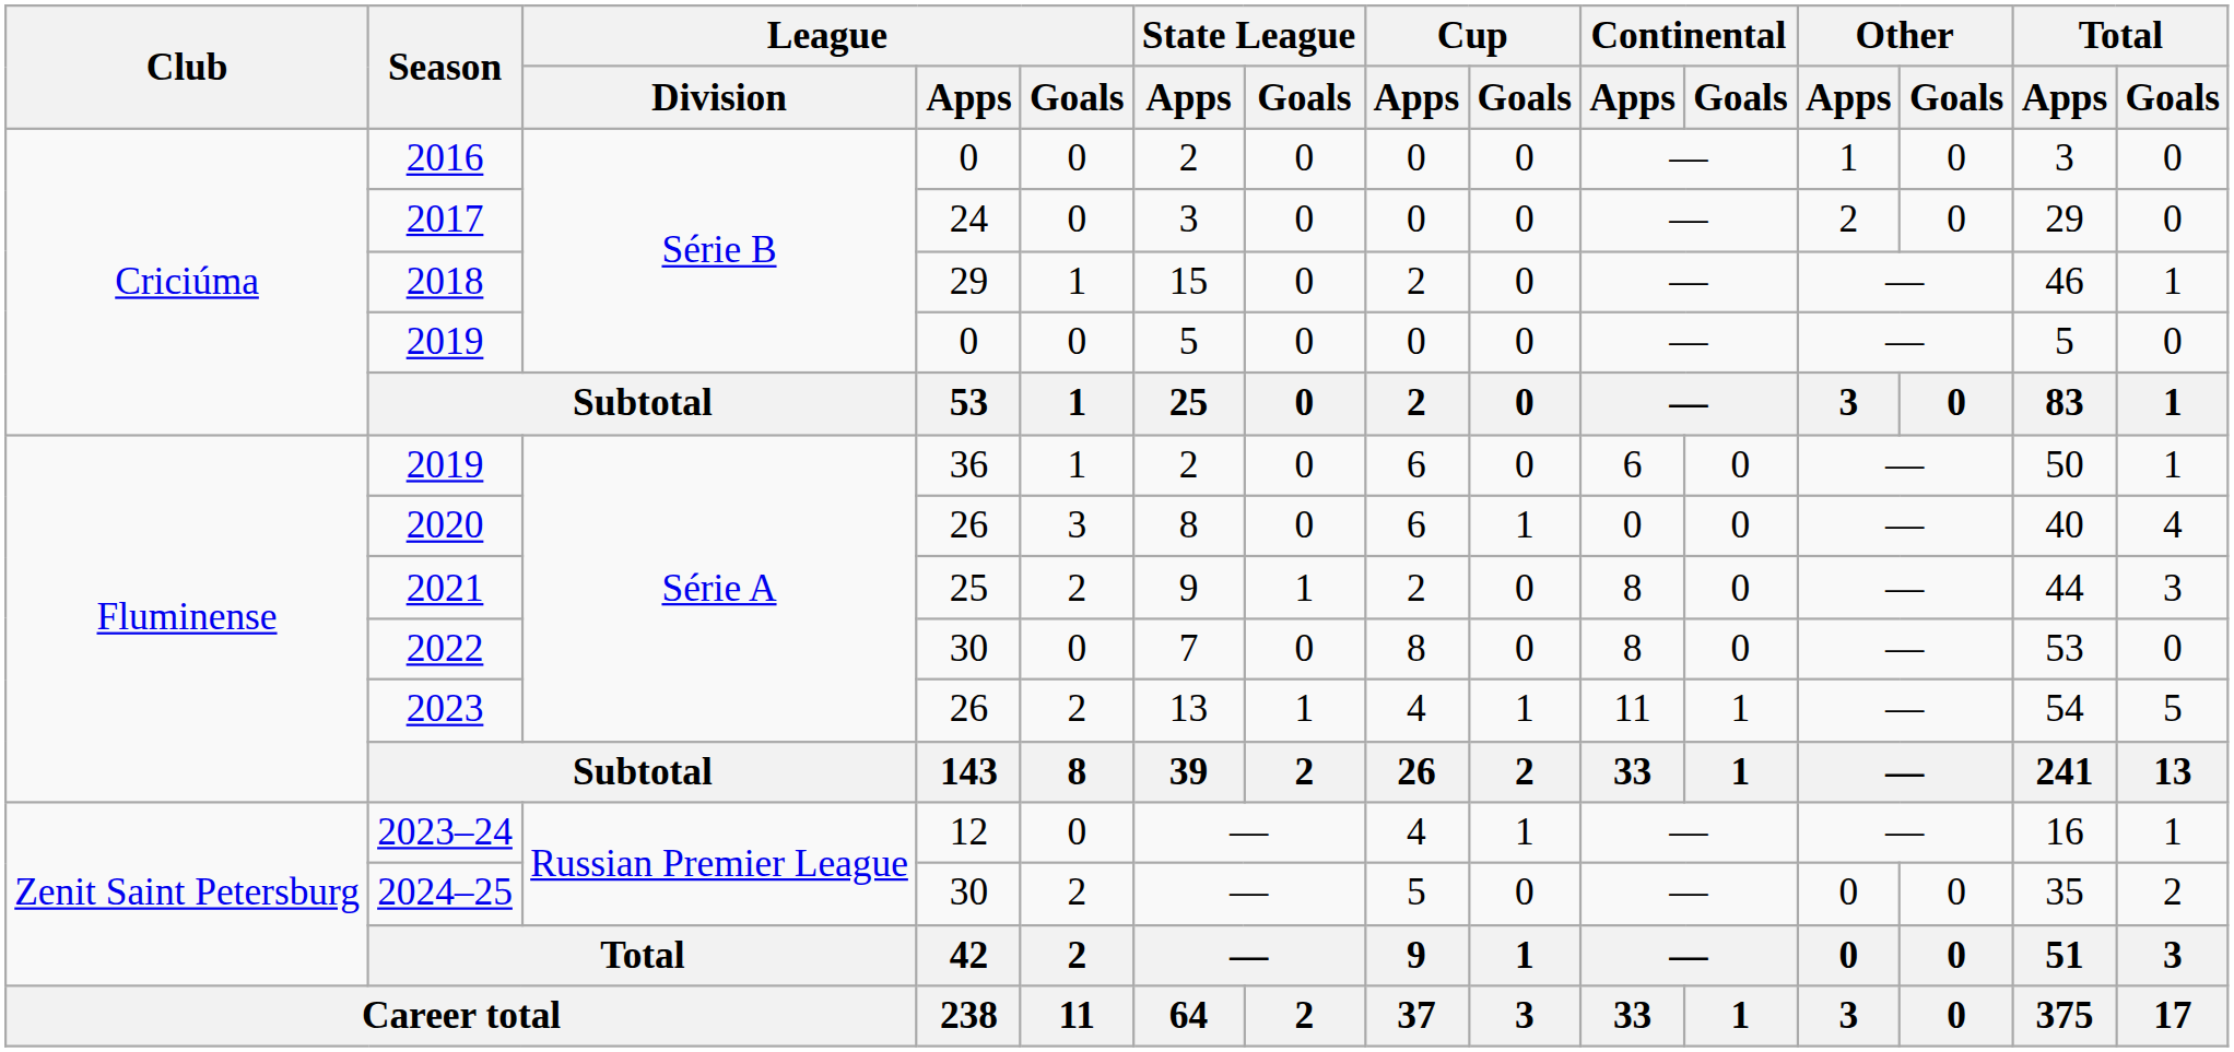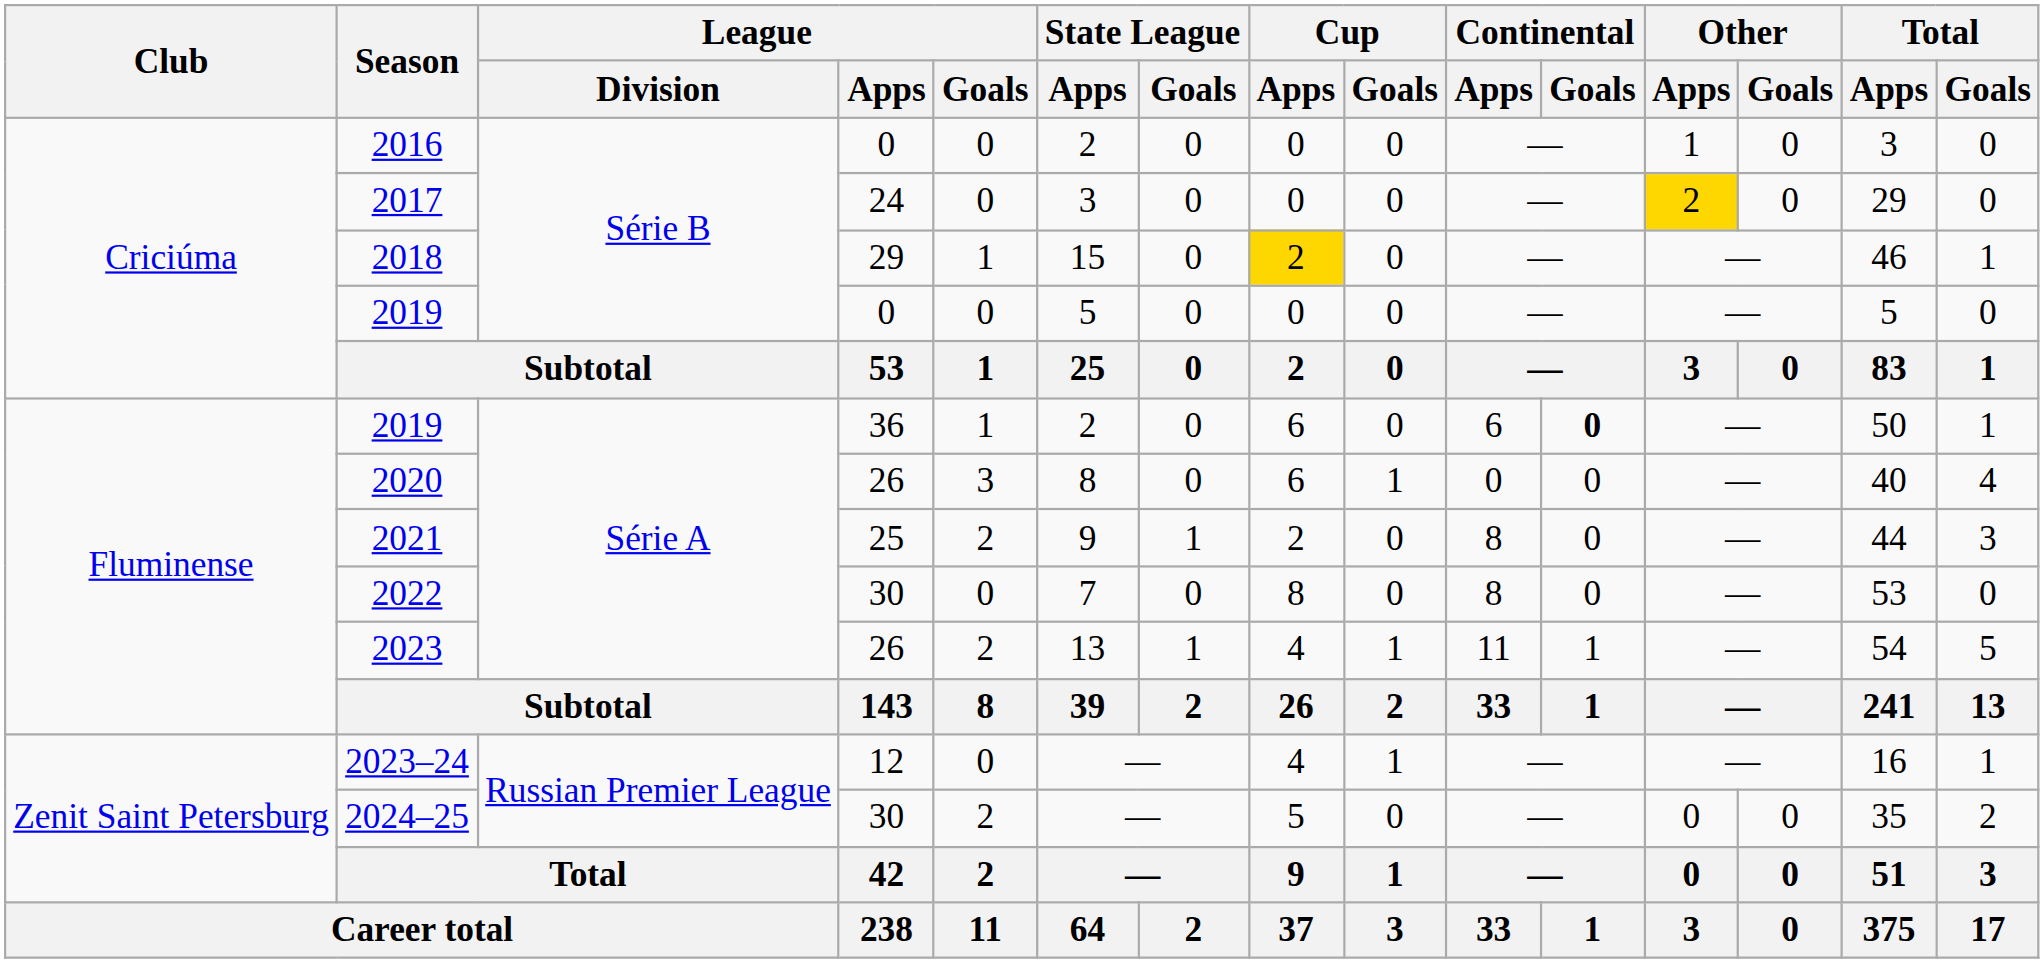 <table class="wikitable" style="text-align: center;">
 <tr>
 <th rowspan="2">Club</th>
 <th rowspan="2">Season</th>
 <th colspan="3">League</th>
 <th colspan="2">State League</th>
 <th colspan="2">Cup</th>
 <th colspan="2">Continental</th>
 <th colspan="2">Other</th>
 <th colspan="2">Total</th>
 </tr>
 <tr>
 <th>Division</th>
 <th>Apps</th>
 <th>Goals</th>
 <th>Apps</th>
 <th>Goals</th>
 <th>Apps</th>
 <th>Goals</th>
 <th>Apps</th>
 <th>Goals</th>
 <th>Apps</th>
 <th>Goals</th>
 <th>Apps</th>
 <th>Goals</th>
 </tr>
 <tr>
 <td rowspan="5" valign="center"><a href='#'>Criciúma</a></td>
 <td><a href='#'>2016</a></td>
 <td rowspan="4"><a href='#'>Série B</a></td>
 <td>0</td>
 <td>0</td>
 <td>2</td>
 <td>0</td>
 <td>0</td>
 <td>0</td>
 <td colspan="2">—</td>
 <td>1</td>
 <td>0</td>
 <td>3</td>
 <td>0</td>
 </tr>
 <tr>
 <td><a href='#'>2017</a></td>
 <td>24</td>
 <td>0</td>
 <td>3</td>
 <td>0</td>
 <td>0</td>
 <td>0</td>
 <td colspan="2">—</td>
-<td>2</td>
+<td style="background: gold;">2</td>
 <td>0</td>
 <td>29</td>
 <td>0</td>
 </tr>
 <tr>
 <td><a href='#'>2018</a></td>
 <td>29</td>
 <td>1</td>
 <td>15</td>
 <td>0</td>
-<td>2</td>
+<td style="background: gold;">2</td>
 <td>0</td>
 <td colspan="2">—</td>
 <td colspan="2">—</td>
 <td>46</td>
 <td>1</td>
 </tr>
 <tr>
 <td><a href='#'>2019</a></td>
 <td>0</td>
 <td>0</td>
 <td>5</td>
 <td>0</td>
 <td>0</td>
 <td>0</td>
 <td colspan="2">—</td>
 <td colspan="2">—</td>
 <td>5</td>
 <td>0</td>
 </tr>
 <tr>
 <th colspan="2">Subtotal</th>
 <th>53</th>
 <th>1</th>
 <th>25</th>
 <th>0</th>
 <th>2</th>
 <th>0</th>
 <th colspan="2">—</th>
 <th>3</th>
 <th>0</th>
 <th>83</th>
 <th>1</th>
 </tr>
 <tr>
 <td rowspan="6" valign="center"><a href='#'>Fluminense</a></td>
 <td><a href='#'>2019</a></td>
 <td rowspan=5><a href='#'>Série A</a></td>
 <td>36</td>
 <td>1</td>
 <td>2</td>
 <td>0</td>
 <td>6</td>
 <td>0</td>
 <td>6</td>
-<td>0</td>
+<td><strong>0</strong></td>
 <td colspan="2">—</td>
 <td>50</td>
 <td>1</td>
 </tr>
 <tr>
 <td><a href='#'>2020</a></td>
 <td>26</td>
 <td>3</td>
 <td>8</td>
 <td>0</td>
 <td>6</td>
 <td>1</td>
 <td>0</td>
 <td>0</td>
 <td colspan="2">—</td>
 <td>40</td>
 <td>4</td>
 </tr>
 <tr>
 <td><a href='#'>2021</a></td>
 <td>25</td>
 <td>2</td>
 <td>9</td>
 <td>1</td>
 <td>2</td>
 <td>0</td>
 <td>8</td>
 <td>0</td>
 <td colspan="2">—</td>
 <td>44</td>
 <td>3</td>
 </tr>
 <tr>
 <td><a href='#'>2022</a></td>
 <td>30</td>
 <td>0</td>
 <td>7</td>
 <td>0</td>
 <td>8</td>
 <td>0</td>
 <td>8</td>
 <td>0</td>
 <td colspan="2">—</td>
 <td>53</td>
 <td>0</td>
 </tr>
 <tr>
 <td><a href='#'>2023</a></td>
 <td>26</td>
 <td>2</td>
 <td>13</td>
 <td>1</td>
 <td>4</td>
 <td>1</td>
 <td>11</td>
 <td>1</td>
 <td colspan="2">—</td>
 <td>54</td>
 <td>5</td>
 </tr>
 <tr>
 <th colspan="2">Subtotal</th>
 <th>143</th>
 <th>8</th>
 <th>39</th>
 <th>2</th>
 <th>26</th>
 <th>2</th>
 <th>33</th>
 <th>1</th>
 <th colspan="2">—</th>
 <th>241</th>
 <th>13</th>
 </tr>
 <tr>
 <td rowspan="3"><a href='#'>Zenit Saint Petersburg</a></td>
 <td><a href='#'>2023–24</a></td>
 <td rowspan="2"><a href='#'>Russian Premier League</a></td>
 <td>12</td>
 <td>0</td>
 <td colspan="2">—</td>
 <td>4</td>
 <td>1</td>
 <td colspan="2">—</td>
 <td colspan="2">—</td>
 <td>16</td>
 <td>1</td>
 </tr>
 <tr>
 <td><a href='#'>2024–25</a></td>
 <td>30</td>
 <td>2</td>
 <td colspan="2">—</td>
 <td>5</td>
 <td>0</td>
 <td colspan="2">—</td>
 <td>0</td>
 <td>0</td>
 <td>35</td>
 <td>2</td>
 </tr>
 <tr>
 <th colspan="2">Total</th>
 <th>42</th>
 <th>2</th>
 <th colspan="2">—</th>
 <th>9</th>
 <th>1</th>
 <th colspan="2">—</th>
 <th>0</th>
 <th>0</th>
 <th>51</th>
 <th>3</th>
 </tr>
 <tr>
 <th colspan="3"><strong>Career total</strong></th>
 <th>238</th>
 <th>11</th>
 <th>64</th>
 <th>2</th>
 <th>37</th>
 <th>3</th>
 <th>33</th>
 <th>1</th>
 <th>3</th>
 <th>0</th>
 <th>375</th>
 <th>17</th>
 </tr>
 </table>
